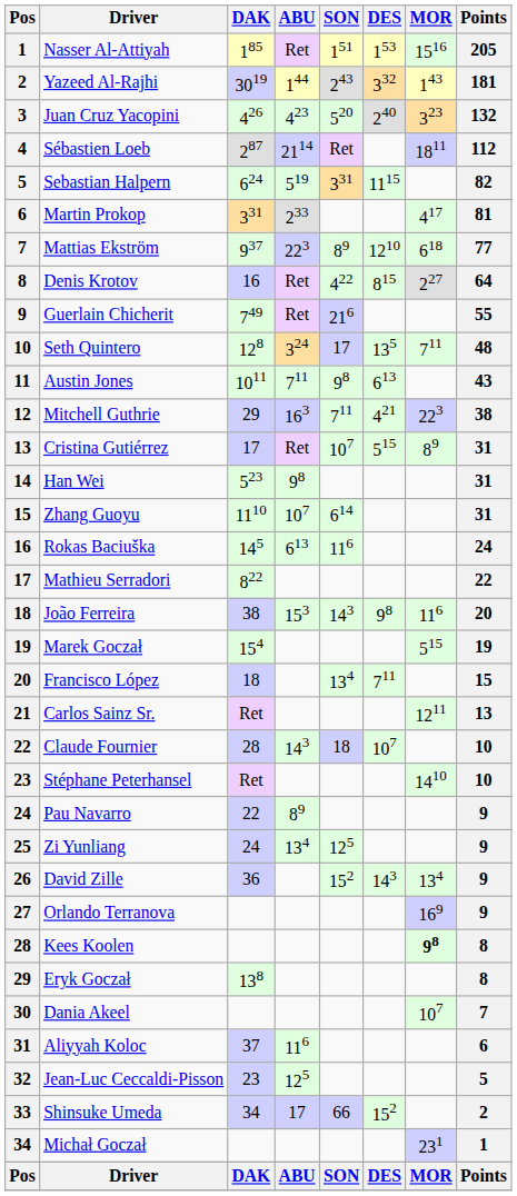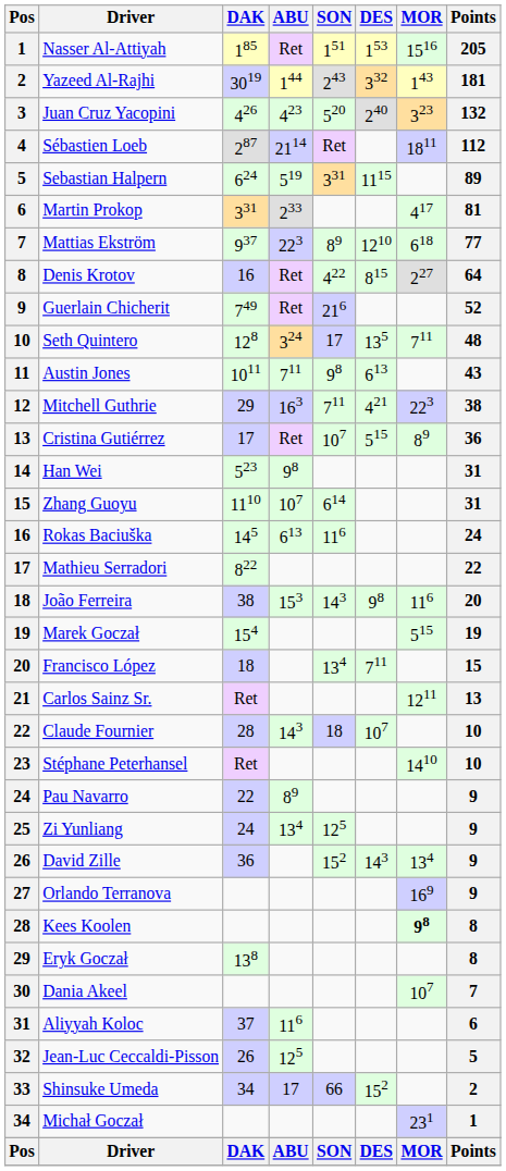 <table class="wikitable" style="font-size: 85%; text-align: center; display: inline-table;">
 <tr valign="top">
 <th valign="middle">Pos</th>
 <th valign="middle">Driver</th>
 <th><a href='#'>DAK</a><br></th>
 <th><a href='#'>ABU</a><br></th>
 <th><a href='#'>SON</a><br></th>
 <th><a href='#'>DES</a><br></th>
 <th><a href='#'>MOR</a><br></th>
 <th valign="middle">Points</th>
 </tr>
 <tr>
 <th>1</th>
 <td align=left> <a href='#'>Nasser Al-Attiyah</a></td>
 <td style="background:#ffffbf;">1<sup>85</sup></td>
 <td style="background:#efcfff;">Ret</td>
 <td style="background:#ffffbf;">1<sup>51</sup></td>
 <td style="background:#ffffbf;">1<sup>53</sup></td>
 <td style="background:#dfffdf;">15<sup>16</sup></td>
 <th>205</th>
 </tr>
 <tr>
 <th>2</th>
 <td align=left> <a href='#'>Yazeed Al-Rajhi</a></td>
 <td style="background:#cfcfff;">30<sup>19</sup></td>
 <td style="background:#ffffbf;">1<sup>44</sup></td>
 <td style="background:#dfdfdf;">2<sup>43</sup></td>
 <td style="background:#ffdf9f;">3<sup>32</sup></td>
 <td style="background:#ffffbf;">1<sup>43</sup></td>
 <th>181</th>
 </tr>
 <tr>
 <th>3</th>
 <td align=left> <a href='#'>Juan Cruz Yacopini</a></td>
 <td style="background:#dfffdf;">4<sup>26</sup></td>
 <td style="background:#dfffdf;">4<sup>23</sup></td>
 <td style="background:#dfffdf;">5<sup>20</sup></td>
 <td style="background:#dfdfdf;">2<sup>40</sup></td>
 <td style="background:#ffdf9f;">3<sup>23</sup></td>
 <th>132</th>
 </tr>
 <tr>
 <th>4</th>
 <td align=left> <a href='#'>Sébastien Loeb</a></td>
 <td style="background:#dfdfdf;">2<sup>87</sup></td>
 <td style="background:#cfcfff;">21<sup>14</sup></td>
 <td style="background:#efcfff;">Ret</td>
 <td></td>
 <td style="background:#cfcfff;">18<sup>11</sup></td>
 <th>112</th>
 </tr>
 <tr>
 <th>5</th>
 <td align=left> <a href='#'>Sebastian Halpern</a></td>
 <td style="background:#dfffdf;">6<sup>24</sup></td>
 <td style="background:#dfffdf;">5<sup>19</sup></td>
 <td style="background:#ffdf9f;">3<sup>31</sup></td>
 <td style="background:#dfffdf;">11<sup>15</sup></td>
 <td></td>
-<th>82</th>
+<th>89</th>
 </tr>
 <tr>
 <th>6</th>
 <td align=left> <a href='#'>Martin Prokop</a></td>
 <td style="background:#ffdf9f;">3<sup>31</sup></td>
 <td style="background:#dfdfdf;">2<sup>33</sup></td>
 <td></td>
 <td></td>
 <td style="background:#dfffdf;">4<sup>17</sup></td>
 <th>81</th>
 </tr>
 <tr>
 <th>7</th>
 <td align=left> <a href='#'>Mattias Ekström</a></td>
 <td style="background:#dfffdf;">9<sup>37</sup></td>
 <td style="background:#cfcfff;">22<sup>3</sup></td>
 <td style="background:#dfffdf;">8<sup>9</sup></td>
 <td style="background:#dfffdf;">12<sup>10</sup></td>
 <td style="background:#dfffdf;">6<sup>18</sup></td>
 <th>77</th>
 </tr>
 <tr>
 <th>8</th>
 <td align=left> <a href='#'>Denis Krotov</a></td>
 <td style="background:#cfcfff;">16</td>
 <td style="background:#efcfff;">Ret</td>
 <td style="background:#dfffdf;">4<sup>22</sup></td>
 <td style="background:#dfffdf;">8<sup>15</sup></td>
 <td style="background:#dfdfdf;">2<sup>27</sup></td>
 <th>64</th>
 </tr>
 <tr>
 <th>9</th>
 <td align=left> <a href='#'>Guerlain Chicherit</a></td>
 <td style="background:#dfffdf;">7<sup>49</sup></td>
 <td style="background:#efcfff;">Ret</td>
 <td style="background:#cfcfff;">21<sup>6</sup></td>
 <td></td>
 <td></td>
-<th>55</th>
+<th>52</th>
 </tr>
 <tr>
 <th>10</th>
 <td align=left> <a href='#'>Seth Quintero</a></td>
 <td style="background:#dfffdf;">12<sup>8</sup></td>
 <td style="background:#ffdf9f;">3<sup>24</sup></td>
 <td style="background:#cfcfff;">17</td>
 <td style="background:#dfffdf;">13<sup>5</sup></td>
 <td style="background:#dfffdf;">7<sup>11</sup></td>
 <th>48</th>
 </tr>
 <tr>
 <th>11</th>
 <td align=left> <a href='#'>Austin Jones</a></td>
 <td style="background:#dfffdf;">10<sup>11</sup></td>
 <td style="background:#dfffdf;">7<sup>11</sup></td>
 <td style="background:#dfffdf;">9<sup>8</sup></td>
 <td style="background:#dfffdf;">6<sup>13</sup></td>
 <td></td>
 <th>43</th>
 </tr>
 <tr>
 <th>12</th>
 <td align=left> <a href='#'>Mitchell Guthrie</a></td>
 <td style="background:#cfcfff;">29</td>
 <td style="background:#cfcfff;">16<sup>3</sup></td>
 <td style="background:#dfffdf;">7<sup>11</sup></td>
 <td style="background:#dfffdf;">4<sup>21</sup></td>
 <td style="background:#cfcfff;">22<sup>3</sup></td>
 <th>38</th>
 </tr>
 <tr>
 <th>13</th>
 <td align=left> <a href='#'>Cristina Gutiérrez</a></td>
 <td style="background:#cfcfff;">17</td>
 <td style="background:#efcfff;">Ret</td>
 <td style="background:#dfffdf;">10<sup>7</sup></td>
 <td style="background:#dfffdf;">5<sup>15</sup></td>
 <td style="background:#dfffdf;">8<sup>9</sup></td>
-<th>31</th>
+<th>36</th>
 </tr>
 <tr>
 <th>14</th>
 <td align=left> <a href='#'>Han Wei</a></td>
 <td style="background:#dfffdf;">5<sup>23</sup></td>
 <td style="background:#dfffdf;">9<sup>8</sup></td>
 <td></td>
 <td></td>
 <td></td>
 <th>31</th>
 </tr>
 <tr>
 <th>15</th>
 <td align=left> <a href='#'>Zhang Guoyu</a></td>
 <td style="background:#dfffdf;">11<sup>10</sup></td>
 <td style="background:#dfffdf;">10<sup>7</sup></td>
 <td style="background:#dfffdf;">6<sup>14</sup></td>
 <td></td>
 <td></td>
 <th>31</th>
 </tr>
 <tr>
 <th>16</th>
 <td align=left> <a href='#'>Rokas Baciuška</a></td>
 <td style="background:#dfffdf;">14<sup>5</sup></td>
 <td style="background:#dfffdf;">6<sup>13</sup></td>
 <td style="background:#dfffdf;">11<sup>6</sup></td>
 <td></td>
 <td></td>
 <th>24</th>
 </tr>
 <tr>
 <th>17</th>
 <td align=left> <a href='#'>Mathieu Serradori</a></td>
 <td style="background:#dfffdf;">8<sup>22</sup></td>
 <td></td>
 <td></td>
 <td></td>
 <td></td>
 <th>22</th>
 </tr>
 <tr>
 <th>18</th>
 <td align=left> <a href='#'>João Ferreira</a></td>
 <td style="background:#cfcfff;">38</td>
 <td style="background:#dfffdf;">15<sup>3</sup></td>
 <td style="background:#dfffdf;">14<sup>3</sup></td>
 <td style="background:#dfffdf;">9<sup>8</sup></td>
 <td style="background:#dfffdf;">11<sup>6</sup></td>
 <th>20</th>
 </tr>
 <tr>
 <th>19</th>
 <td align=left> <a href='#'>Marek Goczał</a></td>
 <td style="background:#dfffdf;">15<sup>4</sup></td>
 <td></td>
 <td></td>
 <td></td>
 <td style="background:#dfffdf;">5<sup>15</sup></td>
 <th>19</th>
 </tr>
 <tr>
 <th>20</th>
 <td align=left> <a href='#'>Francisco López</a></td>
 <td style="background:#cfcfff;">18</td>
 <td></td>
 <td style="background:#dfffdf;">13<sup>4</sup></td>
 <td style="background:#dfffdf;">7<sup>11</sup></td>
 <td></td>
 <th>15</th>
 </tr>
 <tr>
 <th>21</th>
 <td align=left> <a href='#'>Carlos Sainz Sr.</a></td>
 <td style="background:#efcfff;">Ret</td>
 <td></td>
 <td></td>
 <td></td>
 <td style="background:#dfffdf;">12<sup>11</sup></td>
 <th>13</th>
 </tr>
 <tr>
 <th>22</th>
 <td align=left> <a href='#'>Claude Fournier</a></td>
 <td style="background:#cfcfff;">28</td>
 <td style="background:#dfffdf;">14<sup>3</sup></td>
 <td style="background:#cfcfff;">18</td>
 <td style="background:#dfffdf;">10<sup>7</sup></td>
 <td></td>
 <th>10</th>
 </tr>
 <tr>
 <th>23</th>
 <td align=left> <a href='#'>Stéphane Peterhansel</a></td>
 <td style="background:#efcfff;">Ret</td>
 <td></td>
 <td></td>
 <td></td>
 <td style="background:#dfffdf;">14<sup>10</sup></td>
 <th>10</th>
 </tr>
 <tr>
 <th>24</th>
 <td align=left> <a href='#'>Pau Navarro</a></td>
 <td style="background:#cfcfff;">22</td>
 <td style="background:#dfffdf;">8<sup>9</sup></td>
 <td></td>
 <td></td>
 <td></td>
 <th>9</th>
 </tr>
 <tr>
 <th>25</th>
 <td align=left> <a href='#'>Zi Yunliang</a></td>
 <td style="background:#cfcfff;">24</td>
 <td style="background:#dfffdf;">13<sup>4</sup></td>
 <td style="background:#dfffdf;">12<sup>5</sup></td>
 <td></td>
 <td></td>
 <th>9</th>
 </tr>
 <tr>
 <th>26</th>
 <td align=left> <a href='#'>David Zille</a></td>
 <td style="background:#cfcfff;">36</td>
 <td></td>
 <td style="background:#dfffdf;">15<sup>2</sup></td>
 <td style="background:#dfffdf;">14<sup>3</sup></td>
 <td style="background:#dfffdf;">13<sup>4</sup></td>
 <th>9</th>
 </tr>
 <tr>
 <th>27</th>
 <td align=left> <a href='#'>Orlando Terranova</a></td>
 <td></td>
 <td></td>
 <td></td>
 <td></td>
 <td style="background:#cfcfff;">16<sup>9</sup></td>
 <th>9</th>
 </tr>
 <tr>
 <th>28</th>
 <td align=left> <a href='#'>Kees Koolen</a></td>
 <td></td>
 <td></td>
 <td></td>
 <td></td>
 <td style="background:#dfffdf;"><strong>9<sup>8</sup></strong></td>
 <th>8</th>
 </tr>
 <tr>
 <th>29</th>
 <td align=left> <a href='#'>Eryk Goczał</a></td>
 <td style="background:#dfffdf;">13<sup>8</sup></td>
 <td></td>
 <td></td>
 <td></td>
 <td></td>
 <th>8</th>
 </tr>
 <tr>
 <th>30</th>
 <td align=left> <a href='#'>Dania Akeel</a></td>
 <td></td>
 <td></td>
 <td></td>
 <td></td>
 <td style="background:#dfffdf;">10<sup>7</sup></td>
 <th>7</th>
 </tr>
 <tr>
 <th>31</th>
 <td align=left> <a href='#'>Aliyyah Koloc</a></td>
 <td style="background:#cfcfff;">37</td>
 <td style="background:#dfffdf;">11<sup>6</sup></td>
 <td></td>
 <td></td>
 <td></td>
 <th>6</th>
 </tr>
 <tr>
 <th>32</th>
 <td align=left> <a href='#'>Jean-Luc Ceccaldi-Pisson</a></td>
-<td style="background:#cfcfff;">23</td>
+<td style="background:#cfcfff;">26</td>
 <td style="background:#dfffdf;">12<sup>5</sup></td>
 <td></td>
 <td></td>
 <td></td>
 <th>5</th>
 </tr>
 <tr>
 <th>33</th>
 <td align=left> <a href='#'>Shinsuke Umeda</a></td>
 <td style="background:#cfcfff;">34</td>
 <td style="background:#cfcfff;">17</td>
 <td style="background:#cfcfff;">66</td>
 <td style="background:#dfffdf;">15<sup>2</sup></td>
 <td></td>
 <th>2</th>
 </tr>
 <tr>
 <th>34</th>
 <td align=left> <a href='#'>Michał Goczał</a></td>
 <td></td>
 <td></td>
 <td></td>
 <td></td>
 <td style="background:#cfcfff;">23<sup>1</sup></td>
 <th>1</th>
 </tr>
 <tr>
 </tr>
 <tr valign="top">
 <th valign="middle">Pos</th>
 <th valign="middle">Driver</th>
 <th><a href='#'>DAK</a><br></th>
 <th><a href='#'>ABU</a><br></th>
 <th><a href='#'>SON</a><br></th>
 <th><a href='#'>DES</a><br></th>
 <th><a href='#'>MOR</a><br></th>
 <th valign="middle">Points</th>
 </tr>
 <tr>
 </tr>
 </table>
